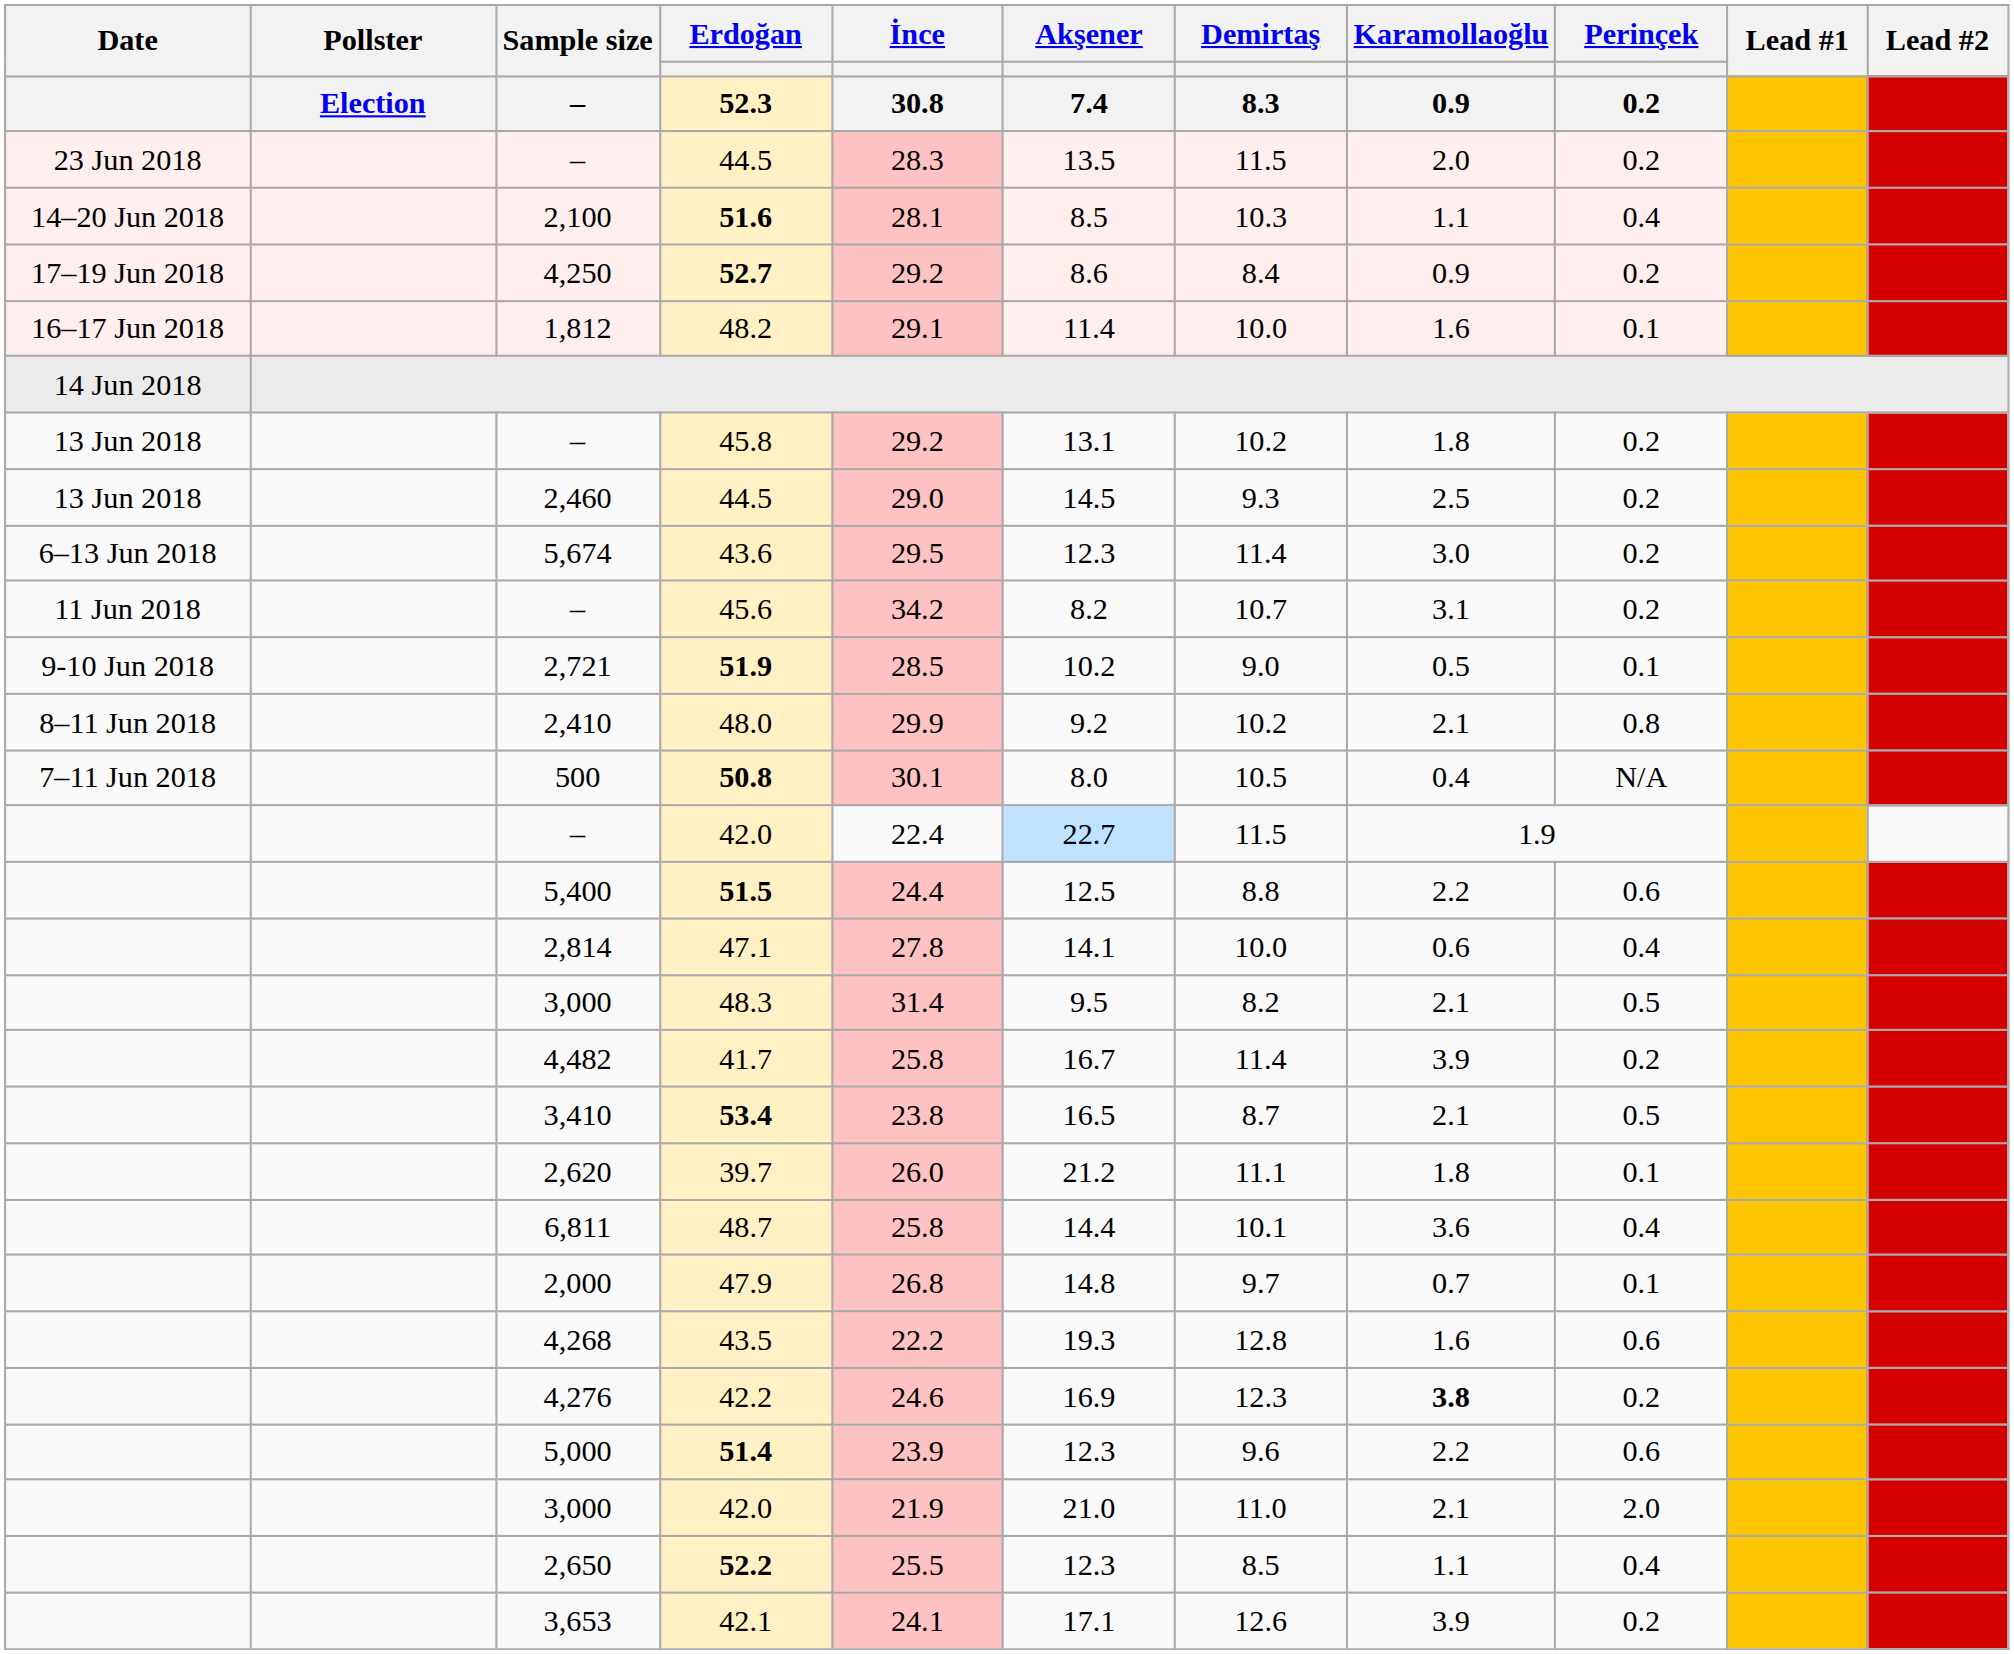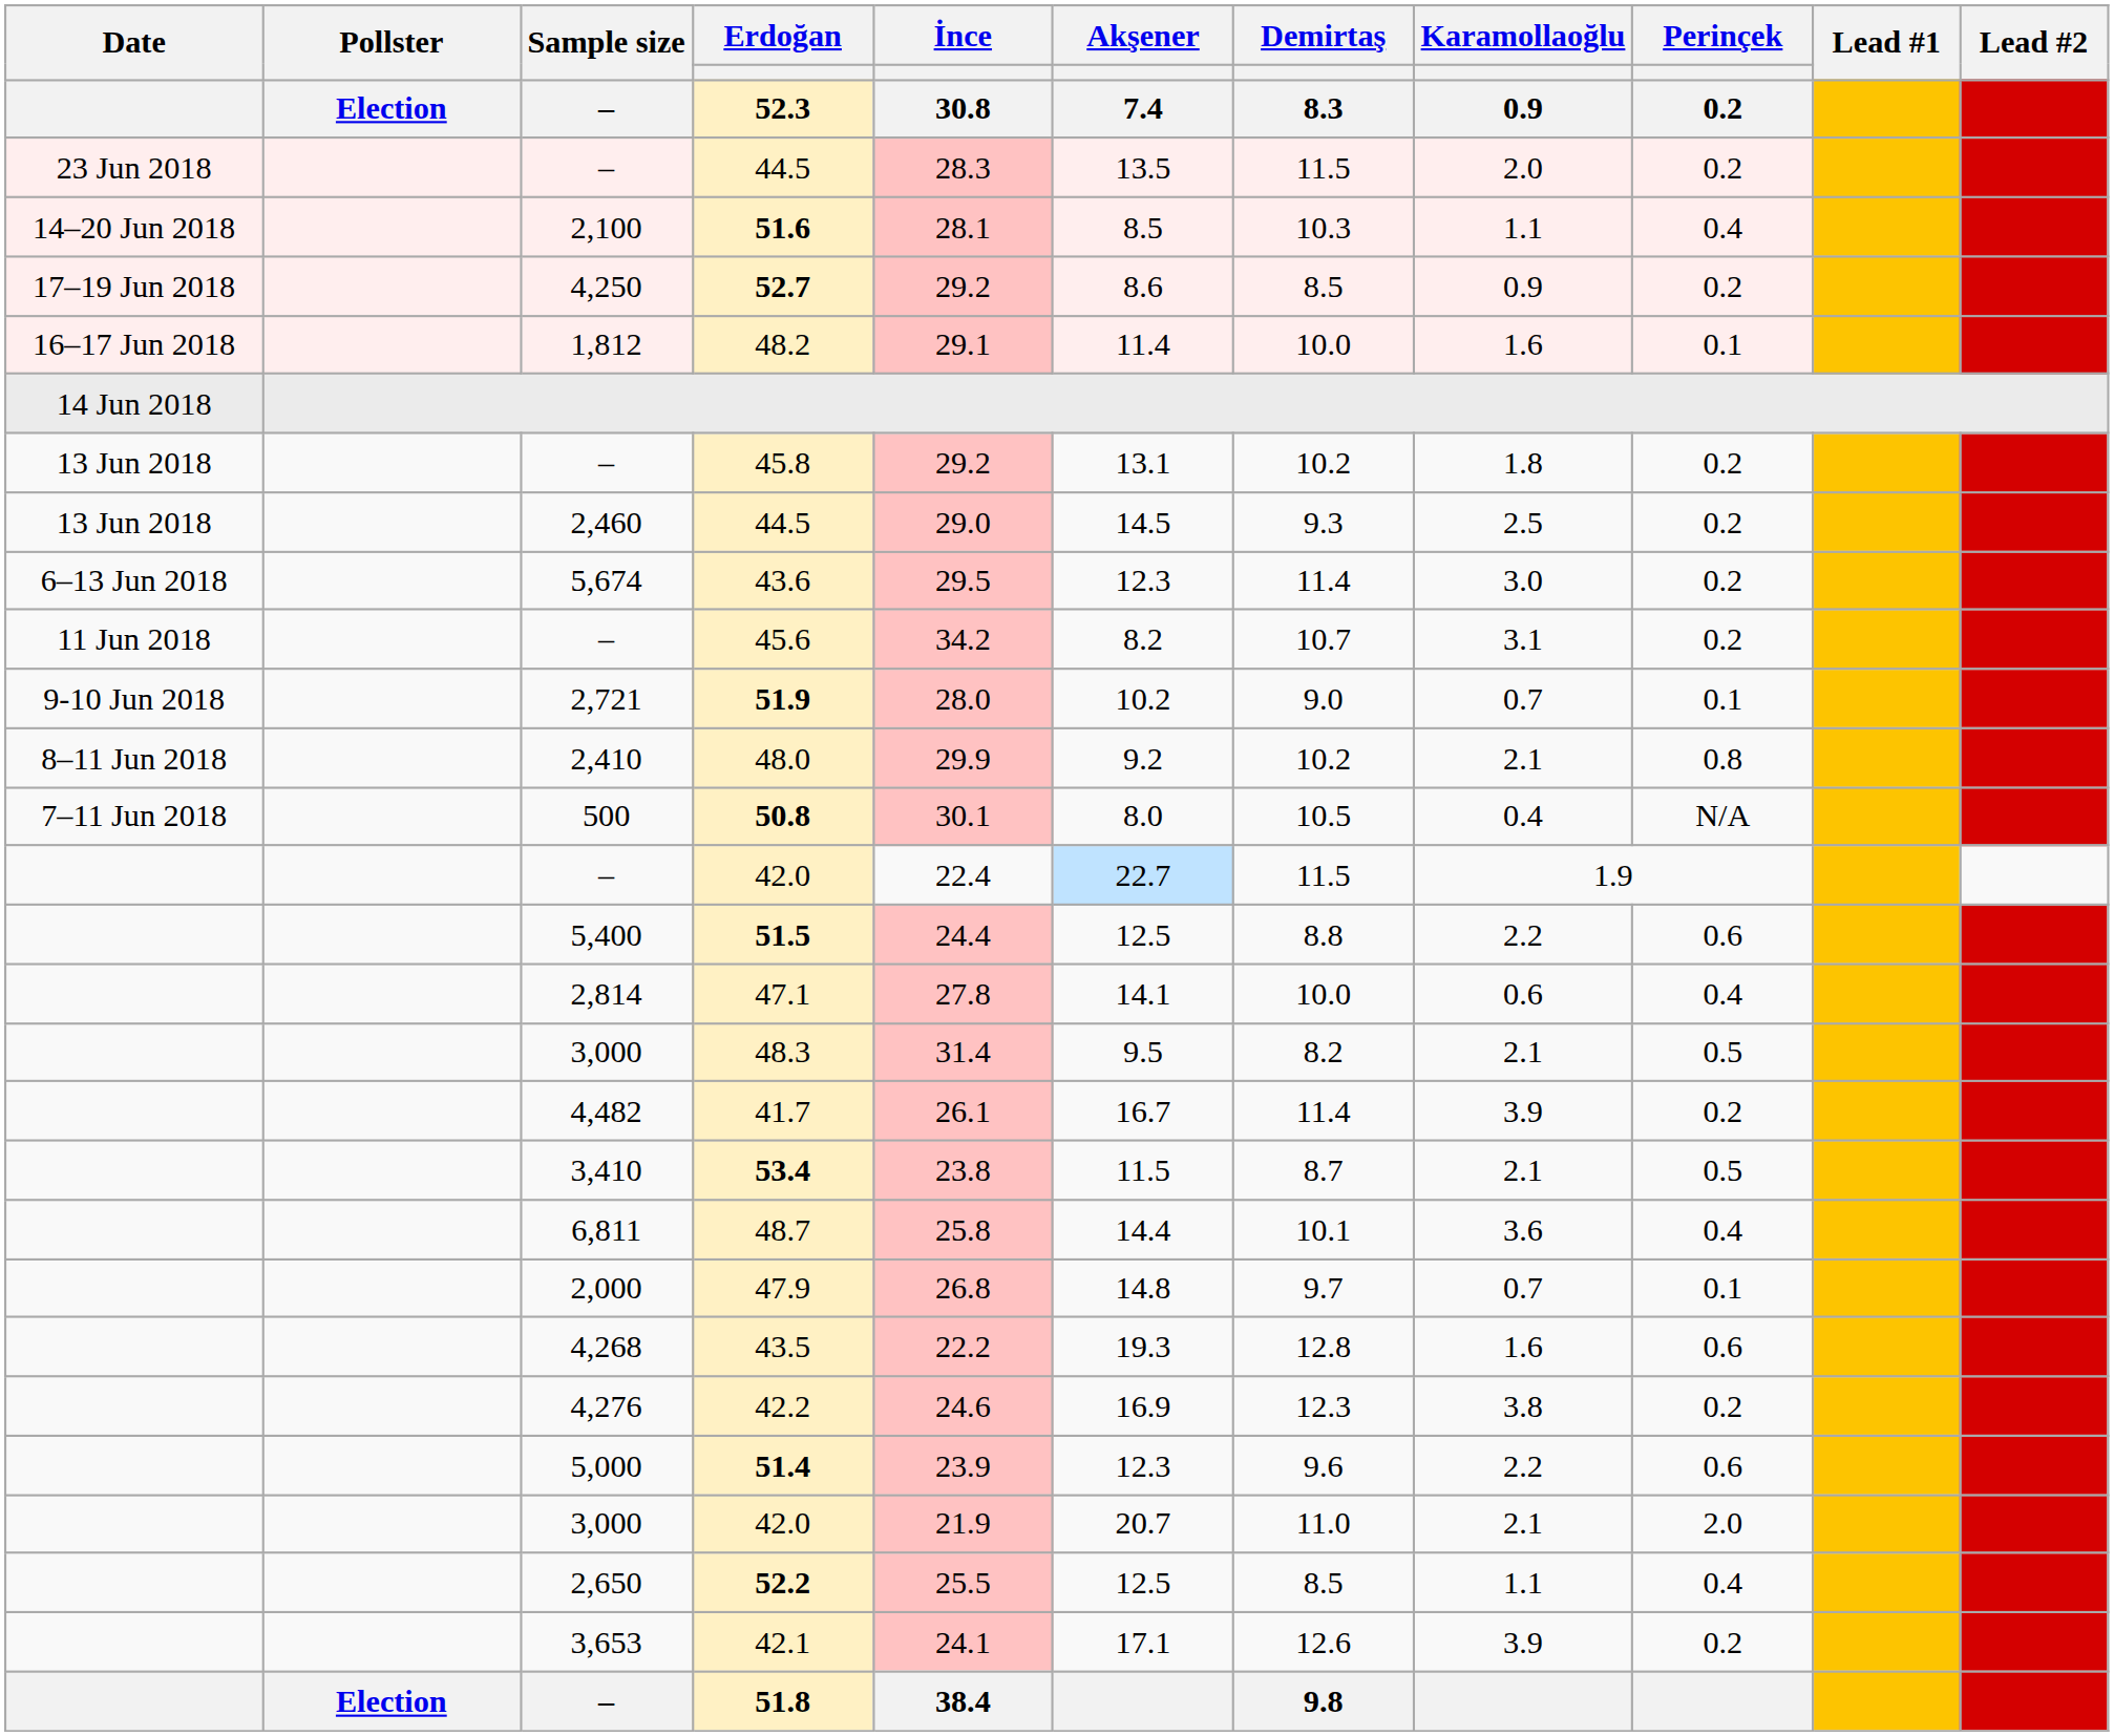 <table class="wikitable" style="text-align:center; font-size:90%; line-height:20px;">
 <tr>
 <th rowspan=2 width="110px">Date</th>
 <th rowspan=2 width="110px">Pollster</th>
 <th rowspan=2 width="50px">Sample size</th>
 <th width=75><a href='#'>Erdoğan</a></th>
 <th width=75><a href='#'>İnce</a></th>
 <th width=75><a href='#'>Akşener</a></th>
 <th width=75><a href='#'>Demirtaş</a></th>
 <th width=75><a href='#'>Karamollaoğlu</a></th>
 <th width=75><a href='#'>Perinçek</a></th>
 <th width=60 rowspan=2>Lead #1</th>
 <th width=60 rowspan=2>Lead #2</th>
 </tr>
 <tr>
 <th style="background: "></th>
 <th style="background: "></th>
 <th style="background: "></th>
 <th style="background: "></th>
 <th style="background: "></th>
 <th style="background: "></th>
 </tr>
 <tr>
 <th></th>
 <th><a href='#'>Election</a></th>
 <th>–</th>
 <th style="background: #FFF1C4">52.3</th>
 <th>30.8</th>
 <th>7.4</th>
 <th>8.3</th>
 <th>0.9</th>
 <th>0.2</th>
 <th style="background: #FDC400"></th>
 <th style="background: #d40000"></th>
 </tr>
 <tr>
 <td style="background: #FFEEEE">23 Jun 2018</td>
 <td style="background: #FFEEEE"></td>
 <td style="background: #FFEEEE">–</td>
 <td style="background: #FFF1C4">44.5</td>
 <td style="background: #FFC2C2">28.3</td>
 <td style="background: #FFEEEE">13.5</td>
 <td style="background: #FFEEEE">11.5</td>
 <td style="background: #FFEEEE">2.0</td>
 <td style="background: #FFEEEE">0.2</td>
 <td style="background: #FDC400"></td>
 <td style="background: #d40000"></td>
 </tr>
 <tr>
 <td style="background: #FFEEEE">14–20 Jun 2018</td>
 <td style="background: #FFEEEE"></td>
 <td style="background: #FFEEEE">2,100</td>
 <td style="background: #FFF1C4"><strong>51.6</strong></td>
 <td style="background: #FFC2C2">28.1</td>
 <td style="background: #FFEEEE">8.5</td>
 <td style="background: #FFEEEE">10.3</td>
 <td style="background: #FFEEEE">1.1</td>
 <td style="background: #FFEEEE">0.4</td>
 <td style="background: #FDC400"></td>
 <td style="background: #d40000"></td>
 </tr>
 <tr>
 <td style="background: #FFEEEE">17–19 Jun 2018</td>
 <td style="background: #FFEEEE"></td>
 <td style="background: #FFEEEE">4,250</td>
 <td style="background: #FFF1C4"><strong>52.7</strong></td>
 <td style="background: #FFC2C2">29.2</td>
 <td style="background: #FFEEEE">8.6</td>
-<td style="background: #FFEEEE">8.4</td>
+<td style="background: #FFEEEE">8.5</td>
 <td style="background: #FFEEEE">0.9</td>
 <td style="background: #FFEEEE">0.2</td>
 <td style="background: #FDC400"></td>
 <td style="background: #d40000"></td>
 </tr>
 <tr>
 <td style="background: #FFEEEE">16–17 Jun 2018</td>
 <td style="background: #FFEEEE"></td>
 <td style="background: #FFEEEE">1,812</td>
 <td style="background: #FFF1C4">48.2</td>
 <td style="background: #FFC2C2">29.1</td>
 <td style="background: #FFEEEE">11.4</td>
 <td style="background: #FFEEEE">10.0</td>
 <td style="background: #FFEEEE">1.6</td>
 <td style="background: #FFEEEE">0.1</td>
 <td style="background: #FDC400"></td>
 <td style="background: #d40000"></td>
 </tr>
 <tr>
 <td style="background: #EBEBEB">14 Jun 2018</td>
 <td colspan="10" style="background: #EBEBEB"></td>
 </tr>
 <tr>
 <td>13 Jun 2018</td>
 <td></td>
 <td>–</td>
 <td style="background: #FFF1C4">45.8</td>
 <td style="background: #FFC2C2">29.2</td>
 <td>13.1</td>
 <td>10.2</td>
 <td>1.8</td>
 <td>0.2</td>
 <td style="background: #FDC400"></td>
 <td style="background: #d40000"></td>
 </tr>
 <tr>
 <td>13 Jun 2018</td>
 <td></td>
 <td>2,460</td>
 <td style="background: #FFF1C4">44.5</td>
 <td style="background: #FFC2C2">29.0</td>
 <td>14.5</td>
 <td>9.3</td>
 <td>2.5</td>
 <td>0.2</td>
 <td style="background: #FDC400"></td>
 <td style="background: #d40000"></td>
 </tr>
 <tr>
 <td>6–13 Jun 2018</td>
 <td></td>
 <td>5,674</td>
 <td style="background: #FFF1C4">43.6</td>
 <td style="background: #FFC2C2">29.5</td>
 <td>12.3</td>
 <td>11.4</td>
 <td>3.0</td>
 <td>0.2</td>
 <td style="background: #FDC400"></td>
 <td style="background: #d40000"></td>
 </tr>
 <tr>
 <td>11 Jun 2018</td>
 <td></td>
 <td>–</td>
 <td style="background: #FFF1C4">45.6</td>
 <td style="background: #FFC2C2">34.2</td>
 <td>8.2</td>
 <td>10.7</td>
 <td>3.1</td>
 <td>0.2</td>
 <td style="background: #FDC400"></td>
 <td style="background: #d40000"></td>
 </tr>
 <tr>
 <td>9-10 Jun 2018</td>
 <td></td>
 <td>2,721</td>
 <td style="background: #FFF1C4"><strong>51.9</strong></td>
-<td style="background: #FFC2C2">28.5</td>
+<td style="background: #FFC2C2">28.0</td>
 <td>10.2</td>
 <td>9.0</td>
-<td>0.5</td>
+<td>0.7</td>
 <td>0.1</td>
 <td style="background: #FDC400"></td>
 <td style="background: #d40000"></td>
 </tr>
 <tr>
 <td>8–11 Jun 2018</td>
 <td></td>
 <td>2,410</td>
 <td style="background: #FFF1C4">48.0</td>
 <td style="background: #FFC2C2">29.9</td>
 <td>9.2</td>
 <td>10.2</td>
 <td>2.1</td>
 <td>0.8</td>
 <td style="background: #FDC400"></td>
 <td style="background: #d40000"></td>
 </tr>
 <tr>
 <td>7–11 Jun 2018</td>
 <td></td>
 <td>500</td>
 <td style="background: #FFF1C4"><strong>50.8</strong></td>
 <td style="background: #FFC2C2">30.1</td>
 <td>8.0</td>
 <td>10.5</td>
 <td>0.4</td>
 <td>N/A</td>
 <td style="background: #FDC400"></td>
 <td style="background: #d40000"></td>
 </tr>
 <tr>
 <td></td>
 <td></td>
 <td>–</td>
 <td style="background: #FFF1C4">42.0</td>
 <td>22.4</td>
 <td style="background: #BFE3FF">22.7</td>
 <td>11.5</td>
 <td colspan=2>1.9</td>
 <td style="background: #FDC400"></td>
 <td style="background: "></td>
 </tr>
 <tr>
 <td></td>
 <td></td>
 <td>5,400</td>
 <td style="background: #FFF1C4"><strong>51.5</strong></td>
 <td style="background: #FFC2C2">24.4</td>
 <td>12.5</td>
 <td>8.8</td>
 <td>2.2</td>
 <td>0.6</td>
 <td style="background: #FDC400"></td>
 <td style="background: #d40000"></td>
 </tr>
 <tr>
 <td></td>
 <td></td>
 <td>2,814</td>
 <td style="background: #FFF1C4">47.1</td>
 <td style="background: #FFC2C2">27.8</td>
 <td>14.1</td>
 <td>10.0</td>
 <td>0.6</td>
 <td>0.4</td>
 <td style="background: #FDC400"></td>
 <td style="background: #d40000"></td>
 </tr>
 <tr>
 <td></td>
 <td></td>
 <td>3,000</td>
 <td style="background: #FFF1C4">48.3</td>
 <td style="background: #FFC2C2">31.4</td>
 <td>9.5</td>
 <td>8.2</td>
 <td>2.1</td>
 <td>0.5</td>
 <td style="background: #FDC400"></td>
 <td style="background: #d40000"></td>
 </tr>
 <tr>
 <td></td>
 <td></td>
 <td>4,482</td>
 <td style="background: #FFF1C4">41.7</td>
-<td style="background: #FFC2C2">25.8</td>
+<td style="background: #FFC2C2">26.1</td>
 <td>16.7</td>
 <td>11.4</td>
 <td>3.9</td>
 <td>0.2</td>
 <td style="background: #FDC400"></td>
 <td style="background: #d40000"></td>
 </tr>
 <tr>
 <td></td>
 <td></td>
 <td>3,410</td>
 <td style="background: #FFF1C4"><strong>53.4</strong></td>
 <td style="background: #FFC2C2">23.8</td>
-<td>16.5</td>
+<td>11.5</td>
 <td>8.7</td>
 <td>2.1</td>
 <td>0.5</td>
-<td style="background: #FDC400"></td>
-<td style="background: #d40000"></td>
-</tr>
-<tr>
-<td></td>
-<td></td>
-<td>2,620</td>
-<td style="background: #FFF1C4">39.7</td>
-<td style="background: #FFC2C2">26.0</td>
-<td>21.2</td>
-<td>11.1</td>
-<td>1.8</td>
-<td>0.1</td>
 <td style="background: #FDC400"></td>
 <td style="background: #d40000"></td>
 </tr>
 <tr>
 <td></td>
 <td></td>
 <td>6,811</td>
 <td style="background: #FFF1C4">48.7</td>
 <td style="background: #FFC2C2">25.8</td>
 <td>14.4</td>
 <td>10.1</td>
 <td>3.6</td>
 <td>0.4</td>
 <td style="background: #FDC400"></td>
 <td style="background: #d40000"></td>
 </tr>
 <tr>
 <td></td>
 <td></td>
 <td>2,000</td>
 <td style="background: #FFF1C4">47.9</td>
 <td style="background: #FFC2C2">26.8</td>
 <td>14.8</td>
 <td>9.7</td>
 <td>0.7</td>
 <td>0.1</td>
 <td style="background: #FDC400"></td>
 <td style="background: #d40000"></td>
 </tr>
 <tr>
 <td></td>
 <td></td>
 <td>4,268</td>
 <td style="background: #FFF1C4">43.5</td>
 <td style="background: #FFC2C2">22.2</td>
 <td>19.3</td>
 <td>12.8</td>
 <td>1.6</td>
 <td>0.6</td>
 <td style="background: #FDC400"></td>
 <td style="background: #d40000"></td>
 </tr>
 <tr>
 <td></td>
 <td></td>
 <td>4,276</td>
 <td style="background: #FFF1C4">42.2</td>
 <td style="background: #FFC2C2">24.6</td>
 <td>16.9</td>
 <td>12.3</td>
-<td><strong>3.8</strong></td>
+<td>3.8</td>
 <td>0.2</td>
 <td style="background: #FDC400"></td>
 <td style="background: #d40000"></td>
 </tr>
 <tr>
 <td></td>
 <td></td>
 <td>5,000</td>
 <td style="background: #FFF1C4"><strong>51.4</strong></td>
 <td style="background: #FFC2C2">23.9</td>
 <td>12.3</td>
 <td>9.6</td>
 <td>2.2</td>
 <td>0.6</td>
 <td style="background: #FDC400"></td>
 <td style="background: #d40000"></td>
 </tr>
 <tr>
 <td></td>
 <td></td>
 <td>3,000</td>
 <td style="background: #FFF1C4">42.0</td>
 <td style="background: #FFC2C2">21.9</td>
-<td>21.0</td>
+<td>20.7</td>
 <td>11.0</td>
 <td>2.1</td>
 <td>2.0</td>
 <td style="background: #FDC400"></td>
 <td style="background: #d40000"></td>
 </tr>
 <tr>
 <td></td>
 <td></td>
 <td>2,650</td>
 <td style="background: #FFF1C4"><strong>52.2</strong></td>
 <td style="background: #FFC2C2">25.5</td>
-<td>12.3</td>
+<td>12.5</td>
 <td>8.5</td>
 <td>1.1</td>
 <td>0.4</td>
 <td style="background: #FDC400"></td>
 <td style="background: #d40000"></td>
 </tr>
 <tr>
 <td></td>
 <td></td>
 <td>3,653</td>
 <td style="background: #FFF1C4">42.1</td>
 <td style="background: #FFC2C2">24.1</td>
 <td>17.1</td>
 <td>12.6</td>
 <td>3.9</td>
 <td>0.2</td>
 <td style="background: #FDC400"></td>
 <td style="background: #d40000"></td>
 </tr>
+<tr>
+<th></th>
+<th><a href='#'>Election</a></th>
+<th>–</th>
+<th style="background: #FFF1C4">51.8<br></th>
+<th>38.4<br></th>
+<th></th>
+<th>9.8<br></th>
+<th></th>
+<th></th>
+<th style="background: #FDC400"></th>
+<td style="background: #d40000"></td>
+</tr>
 </table>
